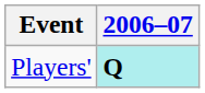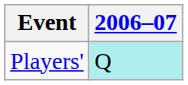 <table class="wikitable">
 <tr>
 <th>Event</th>
 <th><a href='#'>2006–07</a><br></th>
 </tr>
 <tr>
 <td><a href='#'>Players'</a><br></td>
-<td style="background:#afeeee;"><strong>Q<br></strong></td>
+<td style="background:#afeeee;">Q<br></td>
 </tr>
 </table>
